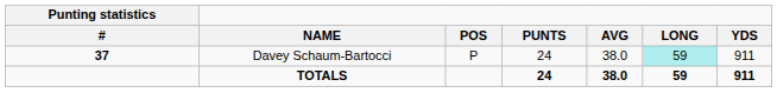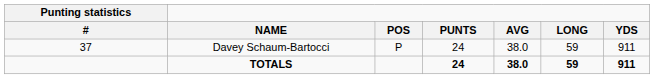 <table style="width:60%; text-align:center;" class="wikitable collapsible collapsed">
 <tr>
 <th style="text-align:center; ">Punting statistics</th>
 </tr>
 <tr>
 <th>#</th>
 <th>NAME</th>
 <th>POS</th>
 <th>PUNTS</th>
 <th>AVG</th>
 <th>LONG</th>
 <th>YDS</th>
 </tr>
 <tr>
-<td><strong>37</strong></td>
+<td>37</td>
 <td>Davey Schaum-Bartocci</td>
 <td>P</td>
 <td>24</td>
 <td>38.0</td>
-<td style="background: paleturquoise;">59</td>
+<td>59</td>
 <td>911</td>
 </tr>
 <tr>
 <td></td>
 <td><strong>TOTALS</strong></td>
 <td></td>
 <td><strong>24</strong></td>
 <td><strong>38.0</strong></td>
 <td><strong>59</strong></td>
 <td><strong>911</strong></td>
 </tr>
 </table>
